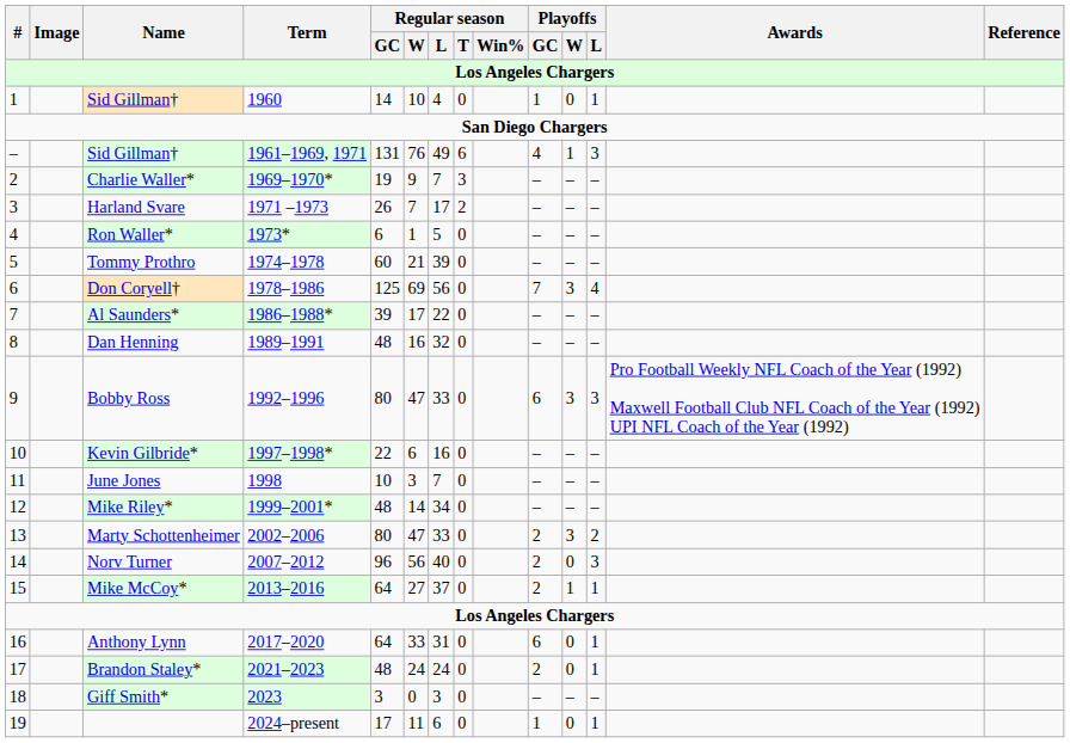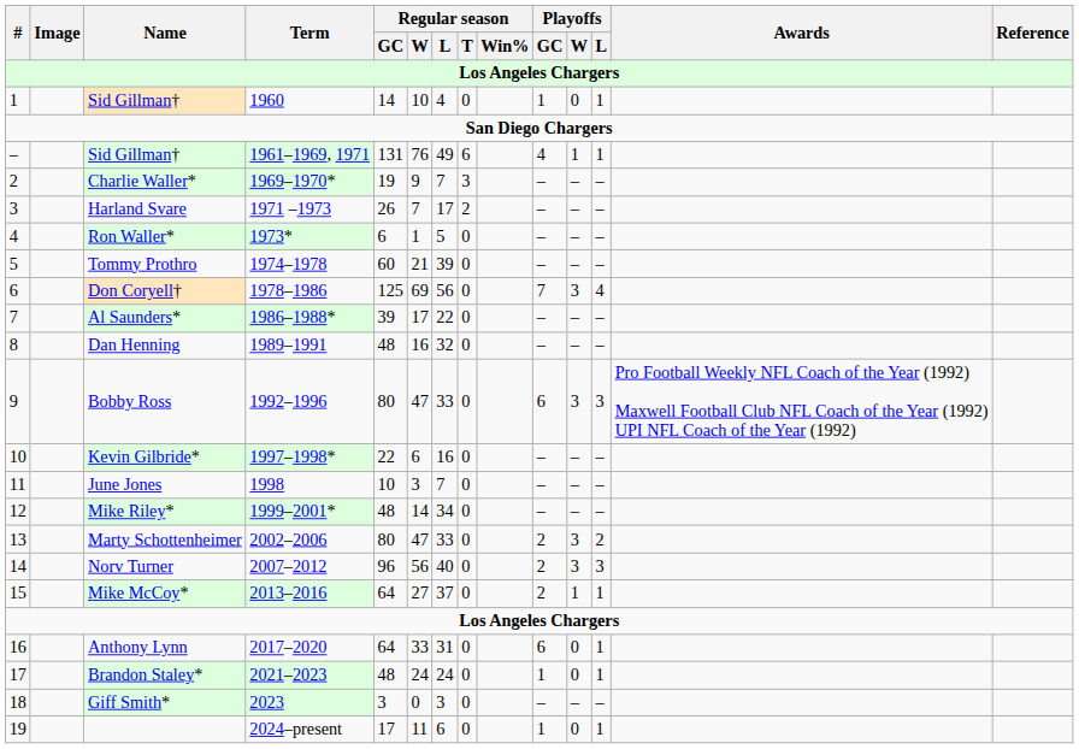 <table class="wikitable">
 <tr>
 <th rowspan="2">#</th>
 <th rowspan="2">Image</th>
 <th rowspan="2">Name</th>
 <th rowspan="2">Term</th>
 <th colspan="5">Regular season</th>
 <th colspan="3">Playoffs</th>
 <th rowspan="2">Awards</th>
 <th rowspan="2">Reference</th>
 </tr>
 <tr>
 <th>GC</th>
 <th>W</th>
 <th>L</th>
 <th>T</th>
 <th>Win%</th>
 <th>GC</th>
 <th>W</th>
 <th>L</th>
 </tr>
 <tr bgcolor="#ddffdd">
 <td align="center" colspan="18"><strong>Los Angeles Chargers</strong></td>
 </tr>
 <tr>
 <td>1</td>
 <td></td>
 <td bgcolor="#FFE6BD"><a href='#'>Sid Gillman</a>†</td>
 <td><a href='#'>1960</a></td>
 <td>14</td>
 <td>10</td>
 <td>4</td>
 <td>0</td>
 <td></td>
 <td>1</td>
 <td>0</td>
 <td>1</td>
 <td></td>
 <td align=center></td>
 </tr>
 <tr>
 <td align="center" colspan="19"><strong>San Diego Chargers</strong></td>
 </tr>
 <tr>
 <td>–</td>
 <td></td>
 <td style="background-color:#ddffdd"><a href='#'>Sid Gillman</a>†</td>
 <td style="background-color:#ddffdd"><a href='#'>1961</a>–<a href='#'>1969</a>, <a href='#'>1971</a></td>
 <td>131</td>
 <td>76</td>
 <td>49</td>
 <td>6</td>
 <td></td>
 <td>4</td>
 <td>1</td>
-<td>3</td>
+<td>1</td>
 <td></td>
 <td align=center></td>
 </tr>
 <tr>
 <td>2</td>
 <td></td>
 <td style="background-color:#ddffdd"><a href='#'>Charlie Waller</a>*</td>
 <td style="background-color:#ddffdd"><a href='#'>1969</a>–<a href='#'>1970</a>*</td>
 <td>19</td>
 <td>9</td>
 <td>7</td>
 <td>3</td>
 <td></td>
 <td>–</td>
 <td>–</td>
 <td>–</td>
 <td></td>
 <td align=center></td>
 </tr>
 <tr>
 <td>3</td>
 <td></td>
 <td><a href='#'>Harland Svare</a></td>
 <td><a href='#'>1971</a> –<a href='#'>1973</a></td>
 <td>26</td>
 <td>7</td>
 <td>17</td>
 <td>2</td>
 <td></td>
 <td>–</td>
 <td>–</td>
 <td>–</td>
 <td></td>
 <td align=center></td>
 </tr>
 <tr>
 <td>4</td>
 <td></td>
 <td style="background-color:#ddffdd"><a href='#'>Ron Waller</a>*</td>
 <td style="background-color:#ddffdd"><a href='#'>1973</a>*</td>
 <td>6</td>
 <td>1</td>
 <td>5</td>
 <td>0</td>
 <td></td>
 <td>–</td>
 <td>–</td>
 <td>–</td>
 <td></td>
 <td align=center></td>
 </tr>
 <tr>
 <td>5</td>
 <td></td>
 <td><a href='#'>Tommy Prothro</a></td>
 <td><a href='#'>1974</a>–<a href='#'>1978</a></td>
 <td>60</td>
 <td>21</td>
 <td>39</td>
 <td>0</td>
 <td></td>
 <td>–</td>
 <td>–</td>
 <td>–</td>
 <td></td>
 <td align=center></td>
 </tr>
 <tr>
 <td>6</td>
 <td></td>
 <td bgcolor="#FFE6BD"><a href='#'>Don Coryell</a>†</td>
 <td><a href='#'>1978</a>–<a href='#'>1986</a></td>
 <td>125</td>
 <td>69</td>
 <td>56</td>
 <td>0</td>
 <td></td>
 <td>7</td>
 <td>3</td>
 <td>4</td>
 <td></td>
 <td align=center></td>
 </tr>
 <tr>
 <td>7</td>
 <td></td>
 <td style="background-color:#ddffdd"><a href='#'>Al Saunders</a>*</td>
 <td style="background-color:#ddffdd"><a href='#'>1986</a>–<a href='#'>1988</a>*</td>
 <td>39</td>
 <td>17</td>
 <td>22</td>
 <td>0</td>
 <td></td>
 <td>–</td>
 <td>–</td>
 <td>–</td>
 <td></td>
 <td align=center></td>
 </tr>
 <tr>
 <td>8</td>
 <td></td>
 <td><a href='#'>Dan Henning</a></td>
 <td><a href='#'>1989</a>–<a href='#'>1991</a></td>
 <td>48</td>
 <td>16</td>
 <td>32</td>
 <td>0</td>
 <td></td>
 <td>–</td>
 <td>–</td>
 <td>–</td>
 <td></td>
 <td align=center></td>
 </tr>
 <tr>
 <td>9</td>
 <td></td>
 <td><a href='#'>Bobby Ross</a></td>
 <td><a href='#'>1992</a>–<a href='#'>1996</a></td>
 <td>80</td>
 <td>47</td>
 <td>33</td>
 <td>0</td>
 <td></td>
 <td>6</td>
 <td>3</td>
 <td>3</td>
 <td><a href='#'>Pro Football Weekly NFL Coach of the Year</a> (1992)<br><br><a href='#'>Maxwell Football Club NFL Coach of the Year</a> (1992)<br> <a href='#'>UPI NFL Coach of the Year</a> (1992)</td>
 <td align=center></td>
 </tr>
 <tr>
 <td>10</td>
 <td></td>
 <td style="background-color:#ddffdd"><a href='#'>Kevin Gilbride</a>*</td>
 <td style="background-color:#ddffdd"><a href='#'>1997</a>–<a href='#'>1998</a>*</td>
 <td>22</td>
 <td>6</td>
 <td>16</td>
 <td>0</td>
 <td></td>
 <td>–</td>
 <td>–</td>
 <td>–</td>
 <td></td>
 <td align=center></td>
 </tr>
 <tr>
 <td>11</td>
 <td></td>
 <td><a href='#'>June Jones</a></td>
 <td><a href='#'>1998</a></td>
 <td>10</td>
 <td>3</td>
 <td>7</td>
 <td>0</td>
 <td></td>
 <td>–</td>
 <td>–</td>
 <td>–</td>
 <td></td>
 <td align=center></td>
 </tr>
 <tr>
 <td>12</td>
 <td></td>
 <td style="background-color:#ddffdd"><a href='#'>Mike Riley</a>*</td>
 <td style="background-color:#ddffdd"><a href='#'>1999</a>–<a href='#'>2001</a>*</td>
 <td>48</td>
 <td>14</td>
 <td>34</td>
 <td>0</td>
 <td></td>
 <td>–</td>
 <td>–</td>
 <td>–</td>
 <td></td>
 <td align=center></td>
 </tr>
 <tr>
 <td>13</td>
 <td></td>
 <td><a href='#'>Marty Schottenheimer</a></td>
 <td><a href='#'>2002</a>–<a href='#'>2006</a></td>
 <td>80</td>
 <td>47</td>
 <td>33</td>
 <td>0</td>
 <td></td>
 <td>2</td>
 <td>3</td>
 <td>2</td>
 <td></td>
 <td align=center></td>
 </tr>
 <tr>
 <td>14</td>
 <td></td>
 <td><a href='#'>Norv Turner</a></td>
 <td><a href='#'>2007</a>–<a href='#'>2012</a></td>
 <td>96</td>
 <td>56</td>
 <td>40</td>
 <td>0</td>
 <td></td>
 <td>2</td>
-<td>0</td>
+<td>3</td>
 <td>3</td>
 <td></td>
 <td align=center></td>
 </tr>
 <tr>
 <td>15</td>
 <td></td>
 <td style="background-color:#ddffdd"><a href='#'>Mike McCoy</a>*</td>
 <td style="background-color:#ddffdd"><a href='#'>2013</a>–<a href='#'>2016</a></td>
 <td>64</td>
 <td>27</td>
 <td>37</td>
 <td>0</td>
 <td></td>
 <td>2</td>
 <td>1</td>
 <td>1</td>
 <td></td>
 <td align=center></td>
 </tr>
 <tr>
 <td align="center" colspan="19"><strong>Los Angeles Chargers</strong></td>
 </tr>
 <tr>
 <td>16</td>
 <td></td>
 <td><a href='#'>Anthony Lynn</a></td>
 <td><a href='#'>2017</a>–<a href='#'>2020</a></td>
 <td>64</td>
 <td>33</td>
 <td>31</td>
 <td>0</td>
 <td></td>
 <td>6</td>
 <td>0</td>
 <td>1</td>
 <td></td>
 <td align=center></td>
 </tr>
 <tr>
 <td>17</td>
 <td></td>
 <td style="background-color:#ddffdd"><a href='#'>Brandon Staley</a>*</td>
 <td style="background-color:#ddffdd"><a href='#'>2021</a>–<a href='#'>2023</a></td>
 <td>48</td>
 <td>24</td>
 <td>24</td>
 <td>0</td>
 <td></td>
-<td>2</td>
+<td>1</td>
 <td>0</td>
 <td>1</td>
 <td></td>
 <td align=center></td>
 </tr>
 <tr>
 <td>18</td>
 <td></td>
 <td style="background-color:#ddffdd"><a href='#'>Giff Smith</a>*</td>
 <td style="background-color:#ddffdd"><a href='#'>2023</a></td>
 <td>3</td>
 <td>0</td>
 <td>3</td>
 <td>0</td>
 <td></td>
 <td>–</td>
 <td>–</td>
 <td>–</td>
 <td></td>
 <td align=center></td>
 </tr>
 <tr>
 <td>19</td>
 <td></td>
 <td align="left"></td>
 <td><a href='#'>2024</a>–present</td>
 <td>17</td>
 <td>11</td>
 <td>6</td>
 <td>0</td>
 <td></td>
 <td>1</td>
 <td>0</td>
 <td>1</td>
 <td></td>
 <td align=center></td>
 </tr>
 </table>
